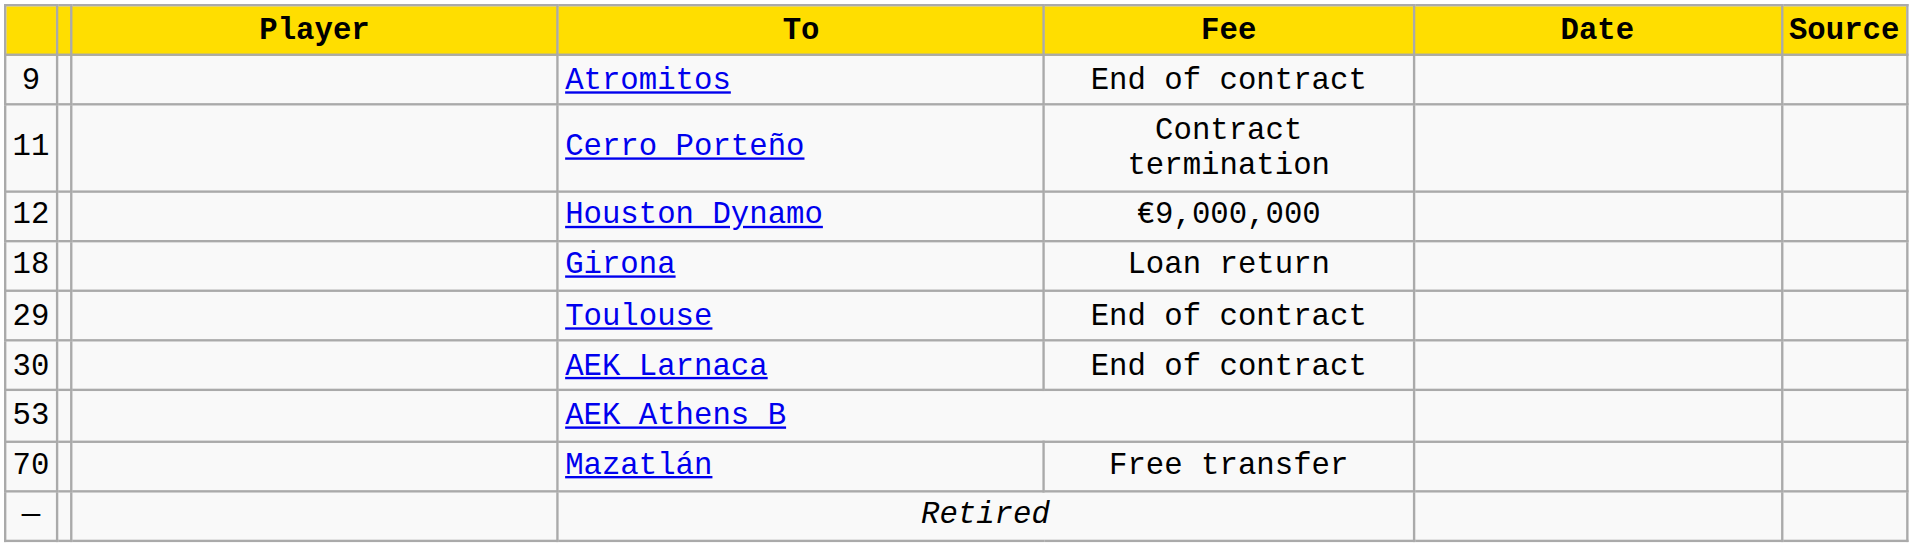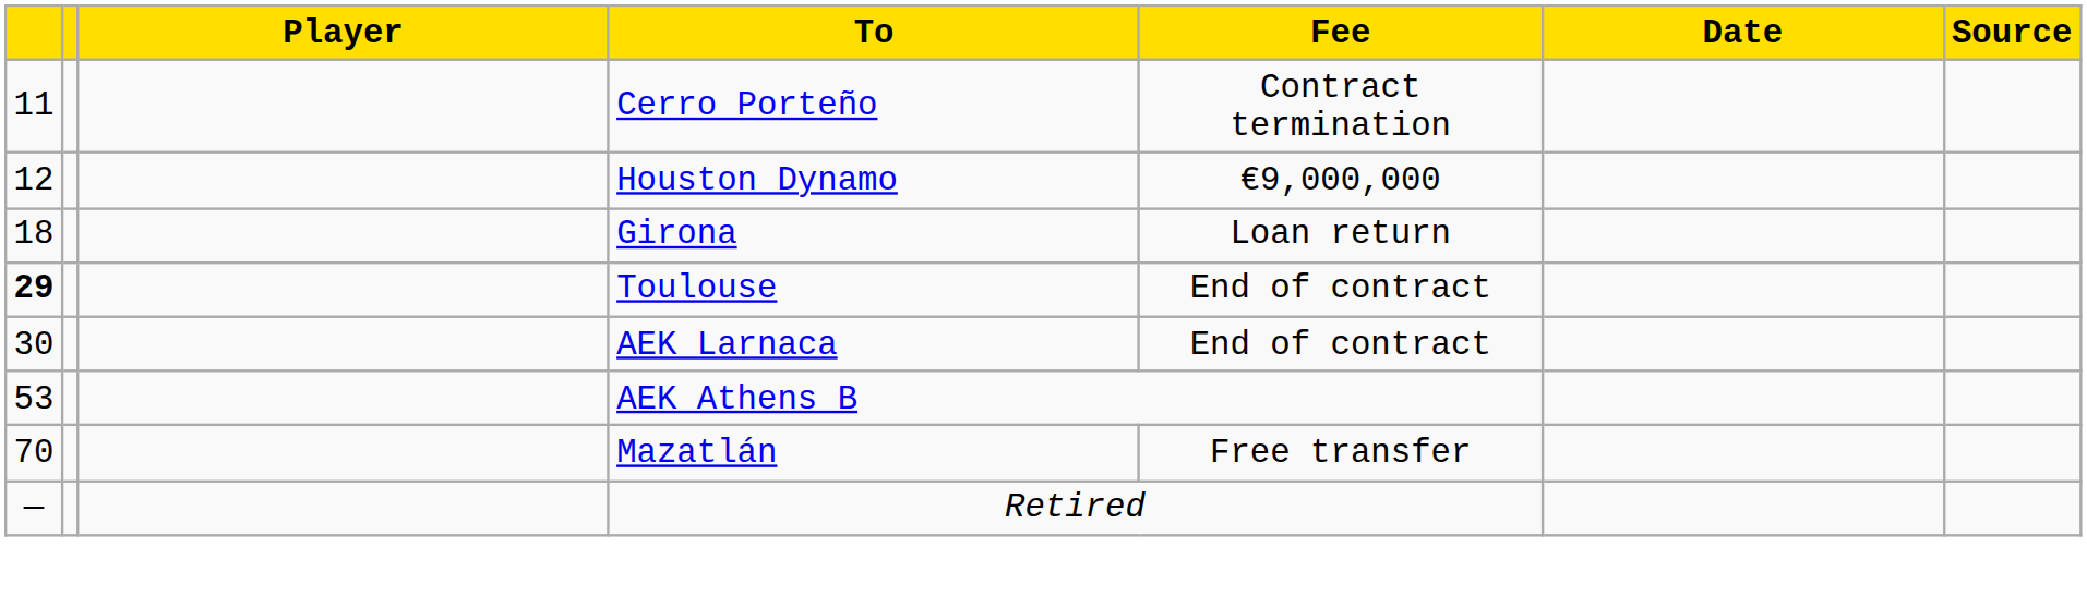 <table class="wikitable sortable">
 <tr>
 <th style="background:#FFDE00"></th>
 <th style="background:#FFDE00"></th>
 <th width=200 style="background:#FFDE00">Player</th>
 <th width=200 style="background:#FFDE00">To</th>
 <th width=150 style="background:#FFDE00">Fee</th>
 <th width=150 style="background:#FFDE00">Date</th>
 <th style="background:#FFDE00">Source</th>
-</tr>
-<tr>
-<td align=center>9</td>
-<td align=center></td>
-<td></td>
-<td> <a href='#'>Atromitos</a></td>
-<td align=center>End of contract</td>
-<td align=center></td>
-<td align=center></td>
 </tr>
 <tr>
 <td align=center>11</td>
 <td align=center></td>
 <td></td>
 <td> <a href='#'>Cerro Porteño</a></td>
 <td align=center>Contract termination</td>
 <td align=center></td>
 <td align=center></td>
 </tr>
 <tr>
 <td align=center>12</td>
 <td align=center></td>
 <td></td>
 <td> <a href='#'>Houston Dynamo</a></td>
 <td align=center>€9,000,000</td>
 <td align=center></td>
 <td align=center></td>
 </tr>
 <tr>
 <td align=center>18</td>
 <td align=center></td>
 <td></td>
 <td> <a href='#'>Girona</a></td>
 <td align=center>Loan return</td>
 <td align=center></td>
 <td align=center></td>
 </tr>
 <tr>
-<td align=center>29</td>
+<td align=center><strong>29</strong></td>
 <td align=center></td>
 <td></td>
 <td> <a href='#'>Toulouse</a></td>
 <td align=center>End of contract</td>
 <td align=center></td>
 <td align=center></td>
 </tr>
 <tr>
 <td align=center>30</td>
 <td align=center></td>
 <td></td>
 <td> <a href='#'>AEK Larnaca</a></td>
 <td align=center>End of contract</td>
 <td align=center></td>
 <td align=center></td>
 </tr>
 <tr>
 <td align=center>53</td>
 <td align=center></td>
 <td></td>
 <td colspan=2> <a href='#'>AEK Athens Β</a></td>
 <td align=center></td>
 <td align=center></td>
 </tr>
 <tr>
 <td align=center>70</td>
 <td align=center></td>
 <td></td>
 <td> <a href='#'>Mazatlán</a></td>
 <td align=center>Free transfer</td>
 <td align=center></td>
 <td align=center></td>
 </tr>
 <tr>
 <td align=center>—</td>
 <td align=center></td>
 <td></td>
 <td align=center colspan=2><em>Retired</em></td>
 <td align=center></td>
 <td align=center></td>
 </tr>
 </table>
